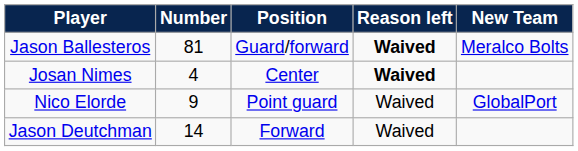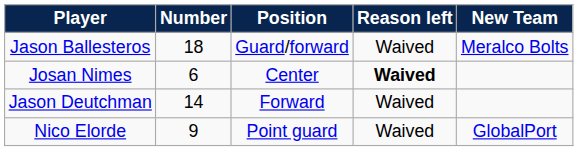 <table class="wikitable sortable sortable">
 <tr>
 <th style="background:#08254F; color:#FFFFFF; ">Player</th>
 <th style="background:#08254F; color:#FFFFFF; ">Number</th>
 <th style="background:#08254F; color:#FFFFFF; ">Position</th>
 <th style="background:#08254F; color:#FFFFFF; ">Reason left</th>
 <th style="background:#08254F; color:#FFFFFF; ">New Team</th>
 </tr>
 <tr style="text-align: center">
 <td><a href='#'>Jason Ballesteros</a></td>
-<td>81</td>
+<td>18</td>
 <td><a href='#'>Guard</a>/<a href='#'>forward</a></td>
-<td><strong>Waived</strong></td>
+<td>Waived</td>
 <td><a href='#'>Meralco Bolts</a></td>
 </tr>
 <tr style="text-align: center">
 <td><a href='#'>Josan Nimes</a></td>
-<td>4</td>
+<td>6</td>
 <td><a href='#'>Center</a></td>
 <td><strong>Waived</strong></td>
+<td></td>
+</tr>
+<tr style="text-align: center">
+<td><a href='#'>Jason Deutchman</a></td>
+<td>14</td>
+<td><a href='#'>Forward</a></td>
+<td>Waived</td>
 <td></td>
 </tr>
 <tr style="text-align: center">
 <td><a href='#'>Nico Elorde</a></td>
 <td>9</td>
 <td><a href='#'>Point guard</a></td>
 <td>Waived</td>
 <td><a href='#'>GlobalPort</a></td>
 </tr>
-<tr style="text-align: center">
-<td><a href='#'>Jason Deutchman</a></td>
-<td>14</td>
-<td><a href='#'>Forward</a></td>
-<td>Waived</td>
-<td></td>
-</tr>
 </table>
